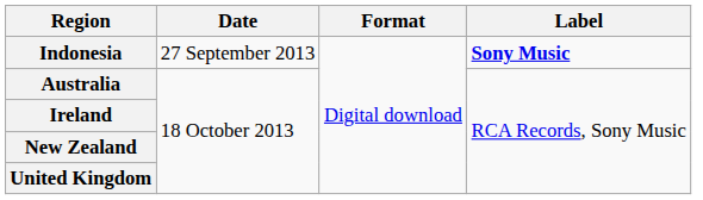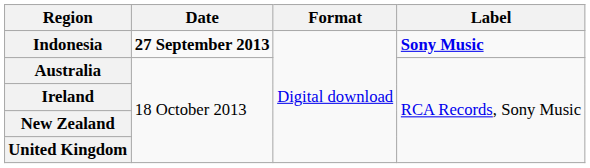 <table class="wikitable plainrowheaders">
 <tr>
 <th scope="col">Region</th>
 <th scope="col">Date</th>
 <th scope="col">Format</th>
 <th scope="col">Label</th>
 </tr>
 <tr>
 <th scope="row">Indonesia</th>
-<td>27 September 2013</td>
+<td><strong>27 September 2013</strong></td>
 <td rowspan=5><a href='#'>Digital download</a></td>
 <td><strong><a href='#'>Sony Music</a></strong></td>
 </tr>
 <tr>
 <th scope="row">Australia</th>
 <td rowspan=4>18 October 2013</td>
 <td rowspan=4><a href='#'>RCA Records</a>, Sony Music</td>
 </tr>
 <tr>
 <th scope="row">Ireland</th>
 </tr>
 <tr>
 <th scope="row">New Zealand</th>
 </tr>
 <tr>
 <th scope="row">United Kingdom</th>
 </tr>
 </table>
